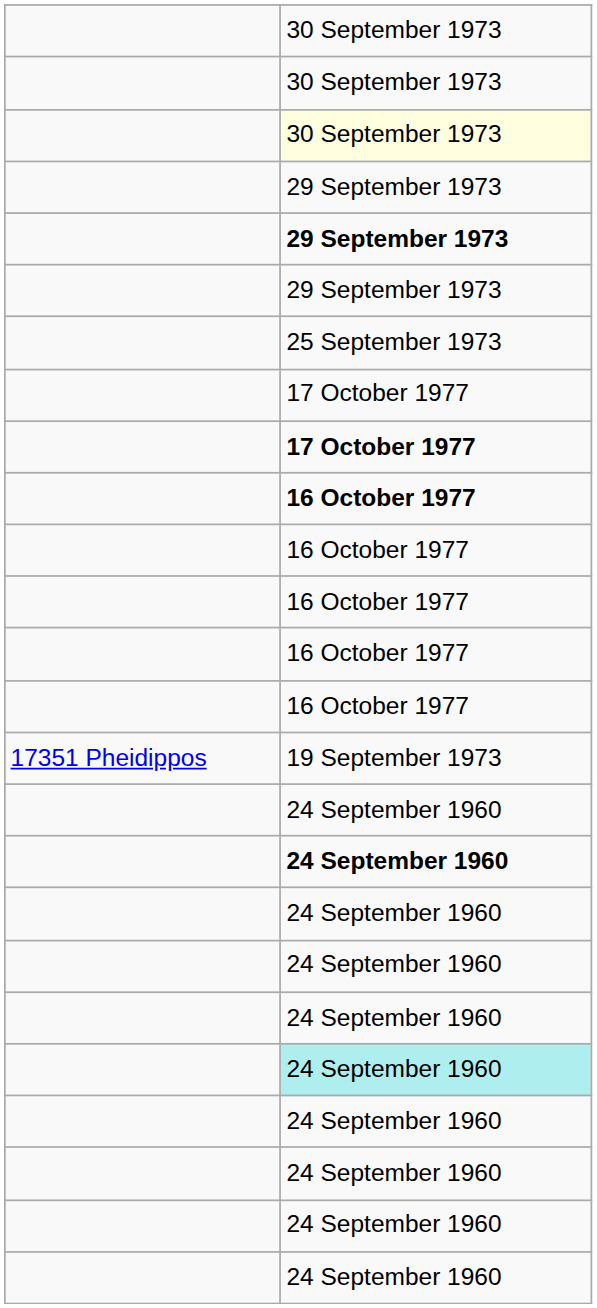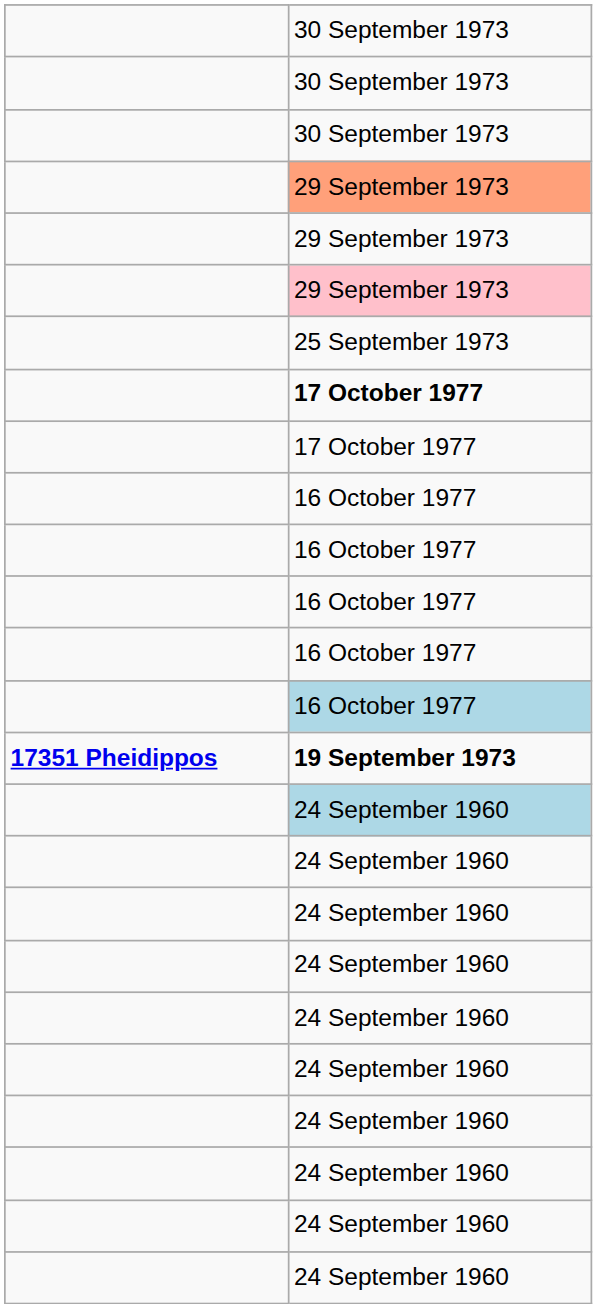 <table class="wikitable" style="font-size: 89%; float: left; width: 24em; margin-right: 1em; line-height: 1.65em">
 <tr>
 <td></td>
 <td>30 September 1973</td>
 </tr>
 <tr>
 <td></td>
 <td>30 September 1973</td>
 </tr>
 <tr>
 <td></td>
-<td style="background: lightyellow;">30 September 1973</td>
+<td>30 September 1973</td>
+</tr>
+<tr>
+<td></td>
+<td style="background: lightsalmon;">29 September 1973</td>
 </tr>
 <tr>
 <td></td>
 <td>29 September 1973</td>
 </tr>
 <tr>
 <td></td>
-<td><strong>29 September 1973</strong></td>
-</tr>
-<tr>
-<td></td>
-<td>29 September 1973</td>
+<td style="background: pink;">29 September 1973</td>
 </tr>
 <tr>
 <td></td>
 <td>25 September 1973</td>
 </tr>
 <tr>
 <td></td>
-<td>17 October 1977</td>
-</tr>
-<tr>
-<td></td>
 <td><strong>17 October 1977</strong></td>
 </tr>
 <tr>
 <td></td>
-<td><strong>16 October 1977</strong></td>
+<td>17 October 1977</td>
 </tr>
 <tr>
 <td></td>
 <td>16 October 1977</td>
 </tr>
 <tr>
 <td></td>
 <td>16 October 1977</td>
 </tr>
 <tr>
 <td></td>
 <td>16 October 1977</td>
 </tr>
 <tr>
 <td></td>
 <td>16 October 1977</td>
 </tr>
 <tr>
-<td><a href='#'>17351 Pheidippos</a></td>
-<td>19 September 1973</td>
+<td></td>
+<td style="background: lightblue;">16 October 1977</td>
+</tr>
+<tr>
+<td><strong><a href='#'>17351 Pheidippos</a></strong></td>
+<td><strong>19 September 1973</strong></td>
 </tr>
 <tr>
 <td></td>
-<td>24 September 1960</td>
-</tr>
-<tr>
-<td></td>
-<td><strong>24 September 1960</strong></td>
+<td style="background: lightblue;">24 September 1960</td>
 </tr>
 <tr>
 <td></td>
 <td>24 September 1960</td>
 </tr>
 <tr>
 <td></td>
 <td>24 September 1960</td>
 </tr>
 <tr>
 <td></td>
 <td>24 September 1960</td>
 </tr>
 <tr>
 <td></td>
-<td style="background: paleturquoise;">24 September 1960</td>
+<td>24 September 1960</td>
+</tr>
+<tr>
+<td></td>
+<td>24 September 1960</td>
 </tr>
 <tr>
 <td></td>
 <td>24 September 1960</td>
 </tr>
 <tr>
 <td></td>
 <td>24 September 1960</td>
 </tr>
 <tr>
 <td></td>
 <td>24 September 1960</td>
 </tr>
 <tr>
 <td></td>
 <td>24 September 1960</td>
 </tr>
 </table>
